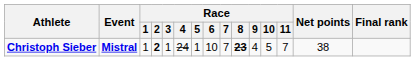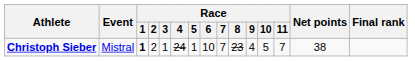 <table class="wikitable" style="font-size:90%">
 <tr>
 <th rowspan="2">Athlete</th>
 <th rowspan="2">Event</th>
 <th colspan=11>Race</th>
 <th rowspan=2>Net points</th>
 <th rowspan=2>Final rank</th>
 </tr>
 <tr style="font-size:95%">
 <th>1</th>
 <th>2</th>
 <th>3</th>
 <th>4</th>
 <th>5</th>
 <th>6</th>
 <th>7</th>
 <th>8</th>
 <th>9</th>
 <th>10</th>
 <th>11</th>
 </tr>
 <tr align=center>
 <td align=left><strong><a href='#'>Christoph Sieber</a></strong></td>
-<td align=left><strong><a href='#'>Mistral</a></strong></td>
-<td>1</td>
-<td><strong>2</strong></td>
+<td align=left><a href='#'>Mistral</a></td>
+<td><strong>1</strong></td>
+<td>2</td>
 <td>1</td>
 <td><s>24</s></td>
 <td>1</td>
 <td>10</td>
 <td>7</td>
-<td><strong><s>23</s></strong></td>
+<td><s>23</s></td>
 <td>4</td>
 <td>5</td>
 <td>7</td>
 <td>38</td>
 <td></td>
 </tr>
 </table>
